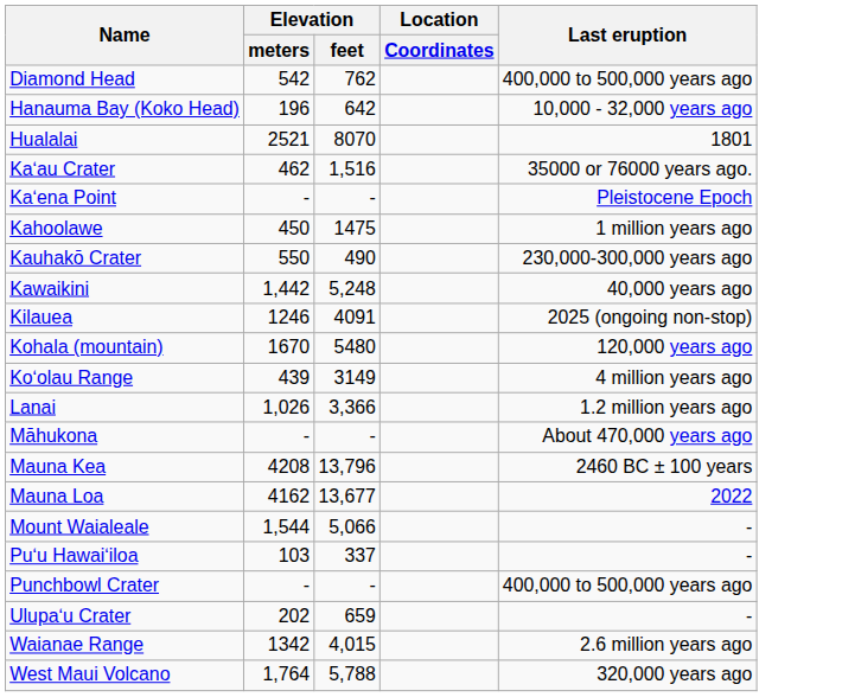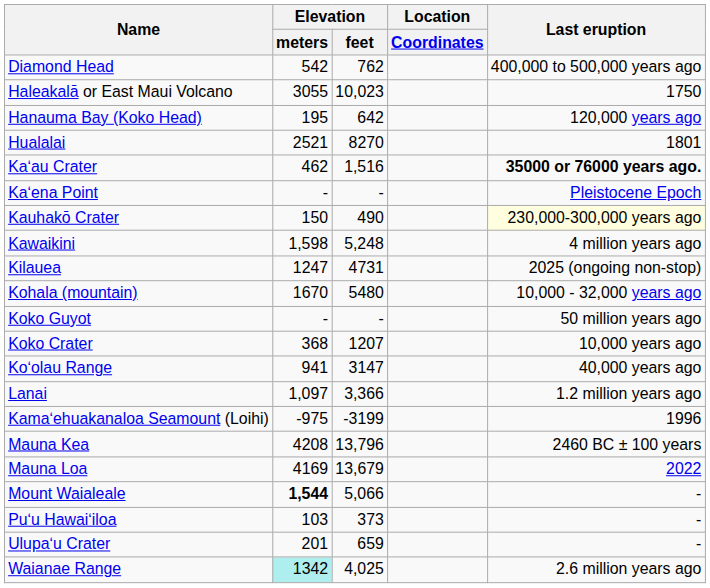 <table class="wikitable sortable">
 <tr>
 <th rowspan="2">Name</th>
 <th colspan ="2">Elevation</th>
 <th>Location</th>
 <th rowspan="2">Last eruption</th>
 </tr>
 <tr>
 <th>meters</th>
 <th>feet</th>
 <th><a href='#'>Coordinates</a></th>
 </tr>
 <tr style="text-align:right;">
 <td style="text-align:left;"><a href='#'>Diamond Head</a></td>
 <td>542</td>
 <td>762</td>
 <td></td>
 <td>400,000 to 500,000 years ago</td>
 </tr>
+<tr style="text-align:right">
+<td style="text-align:left;"><a href='#'>Haleakalā</a> or East Maui Volcano</td>
+<td>3055</td>
+<td>10,023</td>
+<td></td>
+<td>1750</td>
+</tr>
 <tr style="text-align:right;">
 <td style="text-align:left;"><a href='#'>Hanauma Bay (Koko Head)</a></td>
-<td>196</td>
+<td>195</td>
 <td>642</td>
 <td></td>
-<td>10,000 - 32,000 <a href='#'>years ago</a></td>
+<td>120,000 <a href='#'>years ago</a></td>
 </tr>
 <tr style="text-align:right;">
 <td style="text-align:left;"><a href='#'>Hualalai</a></td>
 <td>2521</td>
-<td>8070</td>
+<td>8270</td>
 <td></td>
 <td>1801</td>
 </tr>
 <tr style="text-align:right;">
 <td style="text-align:left;"><a href='#'>Kaʻau Crater</a></td>
 <td>462</td>
 <td>1,516</td>
 <td></td>
-<td>35000 or 76000 years ago.</td>
+<td><strong>35000 or 76000 years ago.</strong></td>
 </tr>
 <tr style="text-align:right;">
 <td style="text-align:left;"><a href='#'>Kaʻena Point</a></td>
 <td>-</td>
 <td>-</td>
 <td></td>
 <td><a href='#'>Pleistocene Epoch</a></td>
 </tr>
 <tr style="text-align:right;">
-<td style="text-align:left;"><a href='#'>Kahoolawe</a></td>
-<td>450</td>
-<td>1475</td>
-<td></td>
-<td>1 million years ago</td>
-</tr>
-<tr style="text-align:right;">
 <td style="text-align:left;"><a href='#'>Kauhakō Crater</a></td>
-<td>550</td>
+<td>150</td>
 <td>490</td>
 <td></td>
-<td>230,000-300,000 years ago</td>
+<td style="background: lightyellow;">230,000-300,000 years ago</td>
 </tr>
 <tr style="text-align:right;">
 <td style="text-align:left;"><a href='#'>Kawaikini</a></td>
-<td>1,442</td>
+<td>1,598</td>
 <td>5,248</td>
 <td></td>
-<td>40,000 years ago</td>
+<td>4 million years ago</td>
 </tr>
 <tr style="text-align:right;">
 <td style="text-align:left;"><a href='#'>Kilauea</a></td>
-<td>1246</td>
-<td>4091</td>
+<td>1247</td>
+<td>4731</td>
 <td></td>
 <td>2025 (ongoing non-stop)</td>
 </tr>
 <tr style="text-align:right;">
 <td style="text-align:left;"><a href='#'>Kohala (mountain)</a></td>
 <td>1670</td>
 <td>5480</td>
 <td></td>
-<td>120,000 <a href='#'>years ago</a></td>
+<td>10,000 - 32,000 <a href='#'>years ago</a></td>
+</tr>
+<tr style="text-align:right;">
+<td style="text-align:left;"><a href='#'>Koko Guyot</a></td>
+<td>-</td>
+<td>-</td>
+<td></td>
+<td>50 million years ago</td>
+</tr>
+<tr style="text-align:right;">
+<td style="text-align:left;"><a href='#'>Koko Crater</a></td>
+<td>368</td>
+<td>1207</td>
+<td></td>
+<td>10,000 years ago</td>
 </tr>
 <tr style="text-align:right;">
 <td style="text-align:left;"><a href='#'>Koʻolau Range</a></td>
-<td>439</td>
-<td>3149</td>
+<td>941</td>
+<td>3147</td>
 <td></td>
-<td>4 million years ago</td>
+<td>40,000 years ago</td>
 </tr>
 <tr style="text-align:right;">
 <td style="text-align:left;"><a href='#'>Lanai</a></td>
-<td>1,026</td>
+<td>1,097</td>
 <td>3,366</td>
 <td></td>
 <td>1.2 million years ago</td>
 </tr>
 <tr style="text-align:right;">
-<td style="text-align:left;"><a href='#'>Māhukona</a></td>
-<td>-</td>
-<td>-</td>
+<td style="text-align:left;"><a href='#'>Kamaʻehuakanaloa Seamount</a> (Loihi)</td>
+<td>-975</td>
+<td>-3199</td>
 <td></td>
-<td>About 470,000 <a href='#'>years ago</a></td>
+<td>1996</td>
 </tr>
 <tr style="text-align:right;">
 <td style="text-align:left;"><a href='#'>Mauna Kea</a></td>
 <td>4208</td>
 <td>13,796</td>
 <td></td>
 <td>2460 BC ± 100 years</td>
 </tr>
 <tr style="text-align:right;">
 <td style="text-align:left;"><a href='#'>Mauna Loa</a></td>
-<td>4162</td>
-<td>13,677</td>
+<td>4169</td>
+<td>13,679</td>
 <td></td>
 <td><a href='#'>2022</a></td>
 </tr>
 <tr style="text-align:right;">
 <td style="text-align:left;"><a href='#'>Mount Waialeale</a></td>
-<td>1,544</td>
+<td><strong>1,544</strong></td>
 <td>5,066</td>
 <td></td>
 <td>-</td>
 </tr>
 <tr style="text-align:right;">
 <td style="text-align:left;"><a href='#'>Puʻu Hawaiʻiloa</a></td>
 <td>103</td>
-<td>337</td>
+<td>373</td>
 <td></td>
 <td>-</td>
 </tr>
 <tr style="text-align:right;">
-<td style="text-align:left;"><a href='#'>Punchbowl Crater</a></td>
-<td>-</td>
-<td>-</td>
-<td></td>
-<td>400,000 to 500,000 years ago</td>
-</tr>
-<tr style="text-align:right;">
 <td style="text-align:left;"><a href='#'>Ulupaʻu Crater</a></td>
-<td>202</td>
+<td>201</td>
 <td>659</td>
 <td></td>
 <td>-</td>
 </tr>
 <tr style="text-align:right;">
 <td style="text-align:left;"><a href='#'>Waianae Range</a></td>
-<td>1342</td>
-<td>4,015</td>
+<td style="background: paleturquoise;">1342</td>
+<td>4,025</td>
 <td></td>
 <td>2.6 million years ago</td>
 </tr>
-<tr style="text-align:right;">
-<td style="text-align:left;"><a href='#'>West Maui Volcano</a></td>
-<td>1,764</td>
-<td>5,788</td>
-<td></td>
-<td>320,000 years ago</td>
-</tr>
 </table>
